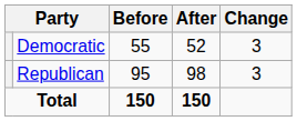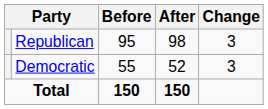 <table class="wikitable" style="text-align:center;">
 <tr>
 </tr>
 <tr>
 <th colspan=2>Party</th>
 <th>Before</th>
 <th>After</th>
 <th>Change</th>
 </tr>
 <tr>
 <th style="background-color:"></th>
-<td style="text-align:left;"><a href='#'>Democratic</a></td>
-<td>55</td>
-<td>52</td>
+<td style="text-align:left;"><a href='#'>Republican</a></td>
+<td>95</td>
+<td>98</td>
 <td> 3</td>
 </tr>
 <tr>
 <th style="background-color:"></th>
-<td style="text-align:left;"><a href='#'>Republican</a></td>
-<td>95</td>
-<td>98</td>
+<td style="text-align:left;"><a href='#'>Democratic</a></td>
+<td>55</td>
+<td>52</td>
 <td> 3</td>
 </tr>
 <tr>
 <td colspan=2><strong>Total</strong></td>
 <td><strong>150</strong></td>
 <td><strong>150</strong></td>
 <td></td>
 </tr>
 </table>
